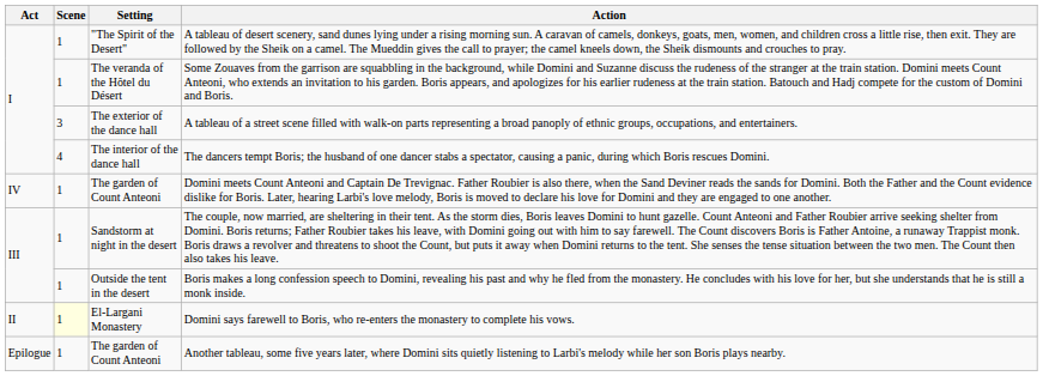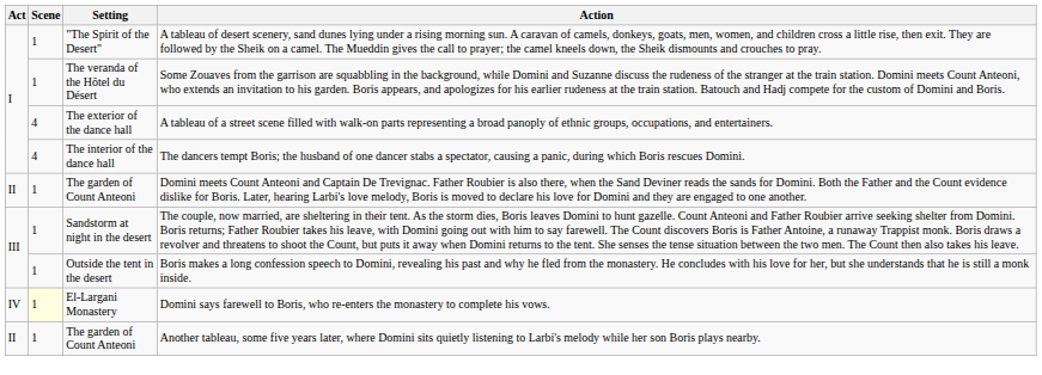 <table class="wikitable plainrowheaders" style="font-size: 90%">
 <tr>
 <th scope="col">Act</th>
 <th scope="col">Scene</th>
 <th scope="col">Setting</th>
 <th scope="col">Action</th>
 </tr>
 <tr>
 <td rowspan=4>I</td>
 <td>1</td>
 <td>"The Spirit of the Desert"</td>
 <td>A tableau of desert scenery, sand dunes lying under a rising morning sun. A caravan of camels, donkeys, goats, men, women, and children cross a little rise, then exit. They are followed by the Sheik on a camel. The Mueddin gives the call to prayer; the camel kneels down, the Sheik dismounts and crouches to pray.</td>
 </tr>
 <tr>
 <td>1</td>
 <td>The veranda of the Hôtel du Désert</td>
 <td>Some Zouaves from the garrison are squabbling in the background, while Domini and Suzanne discuss the rudeness of the stranger at the train station. Domini meets Count Anteoni, who extends an invitation to his garden. Boris appears, and apologizes for his earlier rudeness at the train station. Batouch and Hadj compete for the custom of Domini and Boris.</td>
 </tr>
 <tr>
-<td>3</td>
+<td>4</td>
 <td>The exterior of the dance hall</td>
 <td>A tableau of a street scene filled with walk-on parts representing a broad panoply of ethnic groups, occupations, and entertainers.</td>
 </tr>
 <tr>
 <td>4</td>
 <td>The interior of the dance hall</td>
 <td>The dancers tempt Boris; the husband of one dancer stabs a spectator, causing a panic, during which Boris rescues Domini.</td>
 </tr>
 <tr>
-<td>IV</td>
+<td>II</td>
 <td>1</td>
 <td>The garden of Count Anteoni</td>
 <td>Domini meets Count Anteoni and Captain De Trevignac. Father Roubier is also there, when the Sand Deviner reads the sands for Domini. Both the Father and the Count evidence dislike for Boris. Later, hearing Larbi's love melody, Boris is moved to declare his love for Domini and they are engaged to one another.</td>
 </tr>
 <tr>
 <td rowspan=2>III</td>
 <td>1</td>
 <td>Sandstorm at night in the desert</td>
 <td>The couple, now married, are sheltering in their tent. As the storm dies, Boris leaves Domini to hunt gazelle. Count Anteoni and Father Roubier arrive seeking shelter from Domini. Boris returns; Father Roubier takes his leave, with Domini going out with him to say farewell. The Count discovers Boris is Father Antoine, a runaway Trappist monk. Boris draws a revolver and threatens to shoot the Count, but puts it away when Domini returns to the tent. She senses the tense situation between the two men. The Count then also takes his leave.</td>
 </tr>
 <tr>
 <td>1</td>
 <td>Outside the tent in the desert</td>
 <td>Boris makes a long confession speech to Domini, revealing his past and why he fled from the monastery. He concludes with his love for her, but she understands that he is still a monk inside.</td>
 </tr>
 <tr>
-<td>II</td>
+<td>IV</td>
 <td style="background: lightyellow;">1</td>
 <td>El-Largani Monastery</td>
 <td>Domini says farewell to Boris, who re-enters the monastery to complete his vows.</td>
 </tr>
 <tr>
-<td>Epilogue</td>
+<td>II</td>
 <td>1</td>
 <td>The garden of Count Anteoni</td>
 <td>Another tableau, some five years later, where Domini sits quietly listening to Larbi's melody while her son Boris plays nearby.</td>
 </tr>
 </table>
